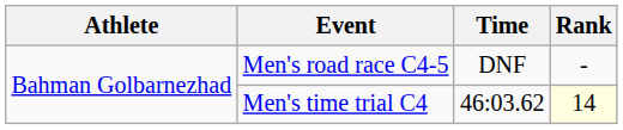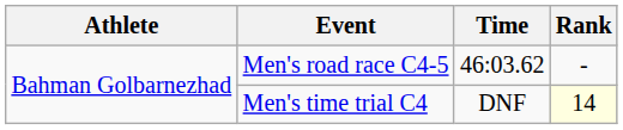 <table class="wikitable" style="font-size:90%">
 <tr>
 <th>Athlete</th>
 <th>Event</th>
 <th>Time</th>
 <th>Rank</th>
 </tr>
 <tr>
 <td rowspan="2"><a href='#'>Bahman Golbarnezhad</a></td>
 <td><a href='#'>Men's road race C4-5</a></td>
-<td align=center>DNF</td>
+<td align=center>46:03.62</td>
 <td align=center>-</td>
 </tr>
 <tr>
 <td><a href='#'>Men's time trial C4</a></td>
-<td align=center>46:03.62</td>
+<td align=center>DNF</td>
 <td align=center style="background: lightyellow;">14</td>
 </tr>
 </table>
